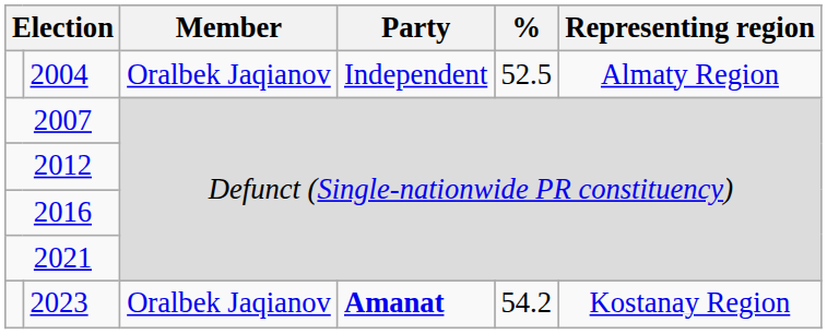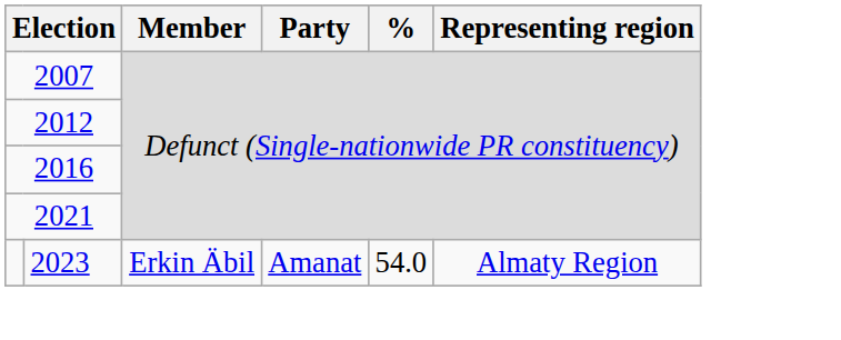 <table class="wikitable">
 <tr>
 <th colspan="2">Election</th>
 <th>Member</th>
 <th>Party</th>
 <th>%</th>
 <th>Representing region</th>
-</tr>
-<tr>
-<td style="background-color: "></td>
-<td><a href='#'>2004</a></td>
-<td><a href='#'>Oralbek Jaqianov</a></td>
-<td><a href='#'>Independent</a></td>
-<td align="right">52.5</td>
-<td align="center"><a href='#'>Almaty Region</a></td>
 </tr>
 <tr>
 <td colspan="2" align="center"><a href='#'>2007</a></td>
 <td colspan="4" rowspan="4" align="center" style="background-color:#DCDCDC"><em>Defunct (<a href='#'>Single-nationwide PR constituency</a>)</em></td>
 </tr>
 <tr>
 <td colspan="2" align="center"><a href='#'>2012</a></td>
 </tr>
 <tr>
 <td colspan="2" align="center"><a href='#'>2016</a></td>
 </tr>
 <tr>
 <td colspan="2" align="center"><a href='#'>2021</a></td>
 </tr>
 <tr>
 <td style="background-color: "></td>
 <td><a href='#'>2023</a></td>
-<td><a href='#'>Oralbek Jaqianov</a></td>
-<td><strong><a href='#'>Amanat</a></strong></td>
-<td align="right">54.2</td>
-<td align="center"><a href='#'>Kostanay Region</a></td>
+<td><a href='#'>Erkin Äbil</a></td>
+<td><a href='#'>Amanat</a></td>
+<td align="right">54.0</td>
+<td align="center"><a href='#'>Almaty Region</a></td>
 </tr>
 </table>
